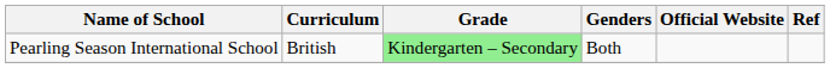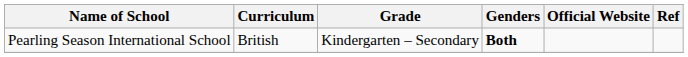 <table class="wikitable">
 <tr>
 <th>Name of School</th>
 <th>Curriculum</th>
 <th>Grade</th>
 <th>Genders</th>
 <th>Official Website</th>
 <th>Ref</th>
 </tr>
 <tr>
 <td>Pearling Season International School</td>
 <td>British</td>
-<td style="background: lightgreen;">Kindergarten – Secondary</td>
-<td>Both</td>
+<td>Kindergarten – Secondary</td>
+<td><strong>Both</strong></td>
 <td></td>
 <td></td>
 </tr>
 <tr>
 </tr>
 </table>
